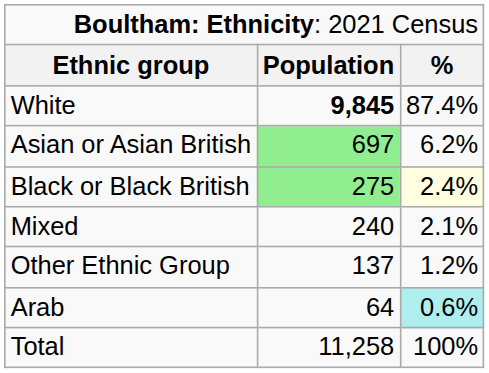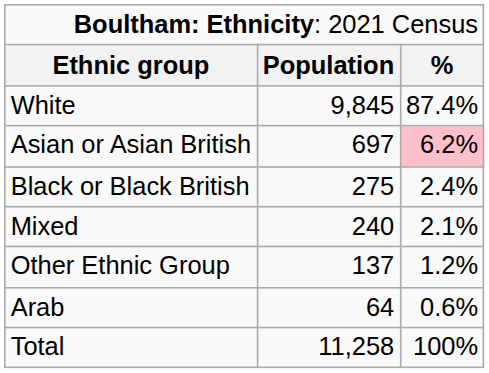 <table class="wikitable">
 <tr>
 <td colspan="14" style="text-align:right;"><strong>Boultham: Ethnicity</strong>: 2021 Census</td>
 </tr>
 <tr>
 <th>Ethnic group</th>
 <th>Population</th>
 <th>%</th>
 </tr>
 <tr>
 <td>White</td>
-<td style="text-align:right;"><strong>9,845</strong></td>
+<td style="text-align:right;">9,845</td>
 <td style="text-align:right;">87.4%</td>
 </tr>
 <tr>
 <td>Asian or Asian British</td>
-<td style="background: lightgreen; text-align:right;">697</td>
-<td style="text-align:right;">6.2%</td>
+<td style="text-align:right;">697</td>
+<td style="background: pink; text-align:right;">6.2%</td>
 </tr>
 <tr>
 <td>Black or Black British</td>
-<td style="background: lightgreen; text-align:right;">275</td>
-<td style="background: lightyellow; text-align:right;">2.4%</td>
+<td style="text-align:right;">275</td>
+<td style="text-align:right;">2.4%</td>
 </tr>
 <tr>
 <td>Mixed</td>
 <td style="text-align:right;">240</td>
 <td style="text-align:right;">2.1%</td>
 </tr>
 <tr>
 <td>Other Ethnic Group</td>
 <td style="text-align:right;">137</td>
 <td style="text-align:right;">1.2%</td>
 </tr>
 <tr>
 <td>Arab</td>
 <td style="text-align:right;">64</td>
-<td style="background: paleturquoise; text-align:right;">0.6%</td>
+<td style="text-align:right;">0.6%</td>
 </tr>
 <tr>
 <td>Total</td>
 <td style="text-align:right;">11,258</td>
 <td style="text-align:right;">100%</td>
 </tr>
 </table>
